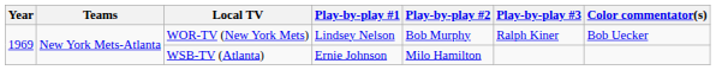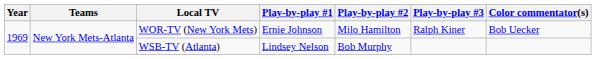 <table class="wikitable">
 <tr>
 <th>Year</th>
 <th>Teams</th>
 <th>Local TV</th>
 <th><a href='#'>Play-by-play #1</a></th>
 <th><a href='#'>Play-by-play #2</a></th>
 <th><a href='#'>Play-by-play #3</a></th>
 <th><a href='#'>Color commentator</a>(s)</th>
 </tr>
 <tr>
 <td rowspan="2"><a href='#'>1969</a></td>
 <td rowspan="2"><a href='#'>New York Mets-Atlanta</a></td>
 <td><a href='#'>WOR-TV</a> (<a href='#'>New York Mets</a>)</td>
-<td><a href='#'>Lindsey Nelson</a></td>
-<td><a href='#'>Bob Murphy</a></td>
+<td><a href='#'>Ernie Johnson</a></td>
+<td><a href='#'>Milo Hamilton</a></td>
 <td><a href='#'>Ralph Kiner</a></td>
 <td><a href='#'>Bob Uecker</a></td>
 </tr>
 <tr>
 <td><a href='#'>WSB-TV</a> (<a href='#'>Atlanta</a>)</td>
-<td><a href='#'>Ernie Johnson</a></td>
-<td><a href='#'>Milo Hamilton</a></td>
+<td><a href='#'>Lindsey Nelson</a></td>
+<td><a href='#'>Bob Murphy</a></td>
 <td></td>
 <td></td>
 </tr>
 </table>
